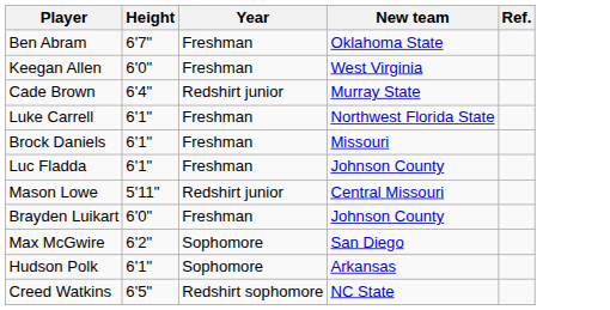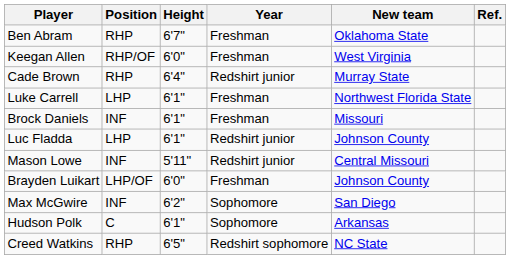 <table class="wikitable sortable">
 <tr>
 <th style="text-align:center; ">Player</th>
+<th style="text-align:center; ">Position</th>
 <th style="text-align:center; ">Height</th>
 <th style="text-align:center; ">Year</th>
 <th style="text-align:center; ">New team</th>
 <th style="text-align:center; ">Ref.</th>
 </tr>
 <tr>
 <td>Ben Abram</td>
+<td>RHP</td>
 <td>6'7"</td>
 <td>Freshman</td>
 <td><a href='#'>Oklahoma State</a></td>
 <td></td>
 </tr>
 <tr>
 <td>Keegan Allen</td>
+<td>RHP/OF</td>
 <td>6'0"</td>
 <td>Freshman</td>
 <td><a href='#'>West Virginia</a></td>
 <td></td>
 </tr>
 <tr>
 <td>Cade Brown</td>
+<td>RHP</td>
 <td>6'4"</td>
 <td> Redshirt junior</td>
 <td><a href='#'>Murray State</a></td>
 <td></td>
 </tr>
 <tr>
 <td>Luke Carrell</td>
+<td>LHP</td>
 <td>6'1"</td>
 <td>Freshman</td>
 <td><a href='#'>Northwest Florida State</a></td>
 <td></td>
 </tr>
 <tr>
 <td>Brock Daniels</td>
+<td>INF</td>
 <td>6'1"</td>
 <td>Freshman</td>
 <td><a href='#'>Missouri</a></td>
 <td></td>
 </tr>
 <tr>
 <td>Luc Fladda</td>
+<td>LHP</td>
 <td>6'1"</td>
-<td>Freshman</td>
+<td> Redshirt junior</td>
 <td><a href='#'>Johnson County</a></td>
 <td></td>
 </tr>
 <tr>
 <td>Mason Lowe</td>
+<td>INF</td>
 <td>5'11"</td>
 <td> Redshirt junior</td>
 <td><a href='#'>Central Missouri</a></td>
 <td></td>
 </tr>
 <tr>
 <td>Brayden Luikart</td>
+<td>LHP/OF</td>
 <td>6'0"</td>
 <td>Freshman</td>
 <td><a href='#'>Johnson County</a></td>
 <td></td>
 </tr>
 <tr>
 <td>Max McGwire</td>
+<td>INF</td>
 <td>6'2"</td>
 <td>Sophomore</td>
 <td><a href='#'>San Diego</a></td>
 <td></td>
 </tr>
 <tr>
 <td>Hudson Polk</td>
+<td>C</td>
 <td>6'1"</td>
 <td>Sophomore</td>
 <td><a href='#'>Arkansas</a></td>
 <td></td>
 </tr>
 <tr>
 <td>Creed Watkins</td>
+<td>RHP</td>
 <td>6'5"</td>
 <td> Redshirt sophomore</td>
 <td><a href='#'>NC State</a></td>
 <td></td>
 </tr>
 </table>
